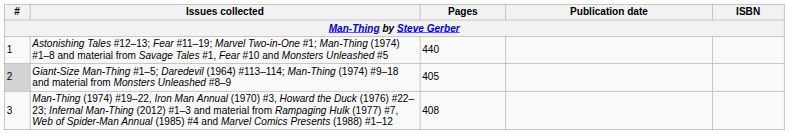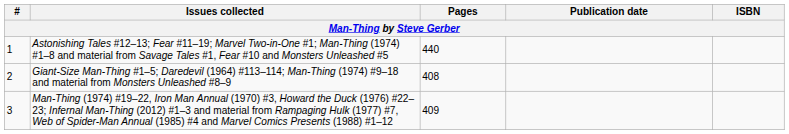 <table class="wikitable sortable" width=98%>
 <tr>
 <th class="unsortable">#</th>
 <th class="unsortable" width="50%">Issues collected</th>
 <th>Pages</th>
 <th>Publication date</th>
 <th class="unsortable">ISBN</th>
 </tr>
 <tr>
 <th colspan="5"><strong><em><a href='#'>Man-Thing</a> by <a href='#'>Steve Gerber</a></em></strong></th>
 </tr>
 <tr>
 <td>1</td>
 <td><em>Astonishing Tales</em> #12–13; <em>Fear</em> #11–19; <em>Marvel Two-in-One</em> #1; <em>Man-Thing</em> (1974) #1–8 and material from <em>Savage Tales</em> #1, <em>Fear</em> #10 and <em>Monsters Unleashed</em> #5</td>
 <td>440</td>
 <td></td>
 <td></td>
 </tr>
 <tr>
-<td style="background: lightgrey;">2</td>
+<td>2</td>
 <td><em>Giant-Size Man-Thing</em> #1–5; <em>Daredevil</em> (1964) #113–114; <em>Man-Thing</em> (1974) #9–18 and material from <em>Monsters Unleashed</em> #8–9</td>
-<td>405</td>
+<td>408</td>
 <td></td>
 <td></td>
 </tr>
 <tr>
 <td>3</td>
 <td><em>Man-Thing</em> (1974) #19–22, <em>Iron Man Annual</em> (1970) #3, <em>Howard the Duck</em> (1976) #22–23; <em>Infernal Man-Thing</em> (2012) #1–3 and material from <em>Rampaging Hulk</em> (1977) #7, <em>Web of Spider-Man Annual</em> (1985) #4 and <em>Marvel Comics Presents</em> (1988) #1–12</td>
-<td>408</td>
+<td>409</td>
 <td></td>
 <td></td>
 </tr>
 </table>
